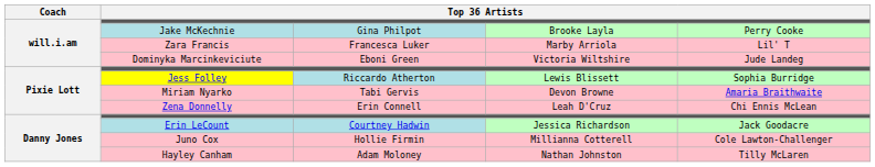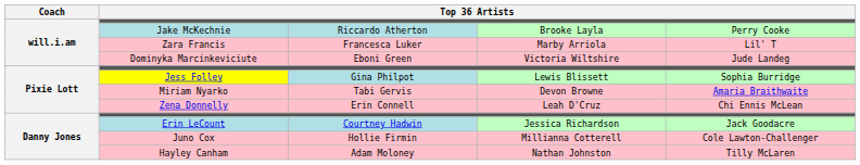 <table class="wikitable" style="text-align:center; width:100%;">
 <tr>
 <th scope="col" style="width:10%;">Coach</th>
 <th colspan="4" scope="col">Top 36 Artists</th>
 </tr>
 <tr>
 <th scope="row" rowspan="4">will.i.am</th>
 <td colspan="4" style="background:#555;"></td>
 </tr>
 <tr>
 <td style="background:#B0E0E6;" width="20%">Jake McKechnie</td>
-<td style="background:#B0E0E6;" width="20%">Gina Philpot</td>
+<td style="background:#B0E0E6;">Riccardo Atherton</td>
 <td style="background:#BFFFC0;" width="20%">Brooke Layla</td>
 <td style="background:#BFFFC0;" width="20%">Perry Cooke</td>
 </tr>
 <tr>
 <td style="background:pink;">Zara Francis</td>
 <td style="background:pink;">Francesca Luker</td>
 <td style="background:pink;">Marby Arriola</td>
 <td style="background:pink;">Lil' T</td>
 </tr>
 <tr>
 <td style="background:pink;">Dominyka Marcinkeviciute</td>
 <td style="background:pink;">Eboni Green</td>
 <td style="background:pink;">Victoria Wiltshire</td>
 <td style="background:pink;">Jude Landeg</td>
 </tr>
 <tr>
 <th rowspan="4">Pixie Lott</th>
 <td colspan="4" style="background:#555;"></td>
 </tr>
 <tr>
 <td style="background:yellow;"><a href='#'>Jess Folley</a></td>
-<td style="background:#B0E0E6;">Riccardo Atherton</td>
+<td style="background:#B0E0E6;" width="20%">Gina Philpot</td>
 <td style="background:#BFFFC0;">Lewis Blissett</td>
 <td style="background:#BFFFC0;">Sophia Burridge</td>
 </tr>
 <tr>
 <td style="background:pink;">Miriam Nyarko</td>
 <td style="background:pink;">Tabi Gervis</td>
 <td style="background:pink;">Devon Browne</td>
 <td style="background:pink;"><a href='#'>Amaria Braithwaite</a></td>
 </tr>
 <tr>
 <td style="background:pink;"><a href='#'>Zena Donnelly</a></td>
 <td style="background:pink;">Erin Connell</td>
 <td style="background:pink;">Leah D'Cruz</td>
 <td style="background:pink;">Chi Ennis McLean</td>
 </tr>
 <tr>
 <th scope="row" rowspan="4">Danny Jones</th>
 <td colspan="4" style="background:#555;"></td>
 </tr>
 <tr>
 <td style="background:#B0E0E6;"><a href='#'>Erin LeCount</a></td>
 <td style="background:#B0E0E6;"><a href='#'>Courtney Hadwin</a></td>
 <td style="background:#BFFFC0;">Jessica Richardson</td>
 <td style="background:#BFFFC0;">Jack Goodacre</td>
 </tr>
 <tr>
 <td style="background:pink;">Juno Cox</td>
 <td style="background:pink;">Hollie Firmin</td>
 <td style="background:pink;">Millianna Cotterell</td>
 <td style="background:pink;">Cole Lawton-Challenger</td>
 </tr>
 <tr>
 <td style="background:pink;">Hayley Canham</td>
 <td style="background:pink;">Adam Moloney</td>
 <td style="background:pink;">Nathan Johnston</td>
 <td style="background:pink;">Tilly McLaren</td>
 </tr>
 </table>
